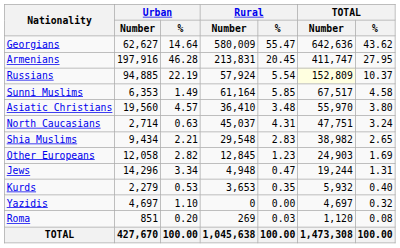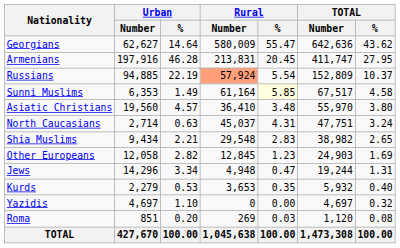 <table class="wikitable sortable">
 <tr>
 <th rowspan="2">Nationality</th>
 <th colspan="2"><a href='#'>Urban</a></th>
 <th colspan="2"><a href='#'>Rural</a></th>
 <th colspan="2">TOTAL</th>
 </tr>
 <tr>
 <th>Number</th>
 <th>%</th>
 <th>Number</th>
 <th>%</th>
 <th>Number</th>
 <th>%</th>
 </tr>
 <tr>
 <td><a href='#'>Georgians</a></td>
 <td align="right">62,627</td>
 <td align="right">14.64</td>
 <td align="right">580,009</td>
 <td align="right">55.47</td>
 <td align="right">642,636</td>
 <td align="right">43.62</td>
 </tr>
 <tr>
 <td><a href='#'>Armenians</a></td>
 <td align="right">197,916</td>
 <td align="right">46.28</td>
 <td align="right">213,831</td>
 <td align="right">20.45</td>
 <td align="right">411,747</td>
 <td align="right">27.95</td>
 </tr>
 <tr>
 <td><a href='#'>Russians</a></td>
 <td align="right">94,885</td>
 <td align="right">22.19</td>
-<td align="right">57,924</td>
+<td align="right" style="background: lightsalmon;">57,924</td>
 <td align="right">5.54</td>
-<td align="right" style="background: lightyellow;">152,809</td>
+<td align="right">152,809</td>
 <td align="right">10.37</td>
 </tr>
 <tr>
 <td><a href='#'>Sunni Muslims</a></td>
 <td align="right">6,353</td>
 <td align="right">1.49</td>
 <td align="right">61,164</td>
-<td align="right">5.85</td>
+<td align="right" style="background: lightyellow;">5.85</td>
 <td align="right">67,517</td>
 <td align="right">4.58</td>
 </tr>
 <tr>
 <td><a href='#'>Asiatic Christians</a></td>
 <td align="right">19,560</td>
 <td align="right">4.57</td>
 <td align="right">36,410</td>
 <td align="right">3.48</td>
 <td align="right">55,970</td>
 <td align="right">3.80</td>
 </tr>
 <tr>
 <td><a href='#'>North Caucasians</a></td>
 <td align="right">2,714</td>
 <td align="right">0.63</td>
 <td align="right">45,037</td>
 <td align="right">4.31</td>
 <td align="right">47,751</td>
 <td align="right">3.24</td>
 </tr>
 <tr>
 <td><a href='#'>Shia Muslims</a></td>
 <td align="right">9,434</td>
 <td align="right">2.21</td>
 <td align="right">29,548</td>
 <td align="right">2.83</td>
 <td align="right">38,982</td>
 <td align="right">2.65</td>
 </tr>
 <tr>
 <td><a href='#'>Other Europeans</a></td>
 <td align="right">12,058</td>
 <td align="right">2.82</td>
 <td align="right">12,845</td>
 <td align="right">1.23</td>
 <td align="right">24,903</td>
 <td align="right">1.69</td>
 </tr>
 <tr>
 <td><a href='#'>Jews</a></td>
 <td align="right">14,296</td>
 <td align="right">3.34</td>
 <td align="right">4,948</td>
 <td align="right">0.47</td>
 <td align="right">19,244</td>
 <td align="right">1.31</td>
 </tr>
 <tr>
 <td><a href='#'>Kurds</a></td>
 <td align="right">2,279</td>
 <td align="right">0.53</td>
 <td align="right">3,653</td>
 <td align="right">0.35</td>
 <td align="right">5,932</td>
 <td align="right">0.40</td>
 </tr>
 <tr>
 <td><a href='#'>Yazidis</a></td>
 <td align="right">4,697</td>
 <td align="right">1.10</td>
 <td align="right">0</td>
 <td align="right">0.00</td>
 <td align="right">4,697</td>
 <td align="right">0.32</td>
 </tr>
 <tr>
 <td><a href='#'>Roma</a></td>
 <td align="right">851</td>
 <td align="right">0.20</td>
 <td align="right">269</td>
 <td align="right">0.03</td>
 <td align="right">1,120</td>
 <td align="right">0.08</td>
 </tr>
 <tr>
 <th>TOTAL</th>
 <th>427,670</th>
 <th>100.00</th>
 <th>1,045,638</th>
 <th>100.00</th>
 <th>1,473,308</th>
 <th>100.00</th>
 </tr>
 </table>
